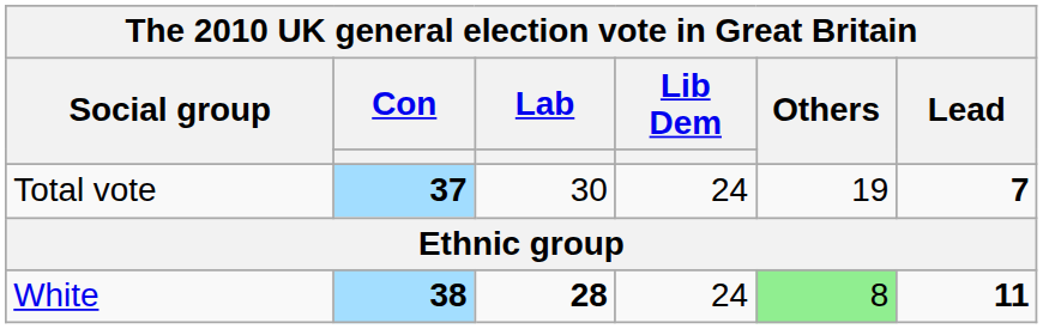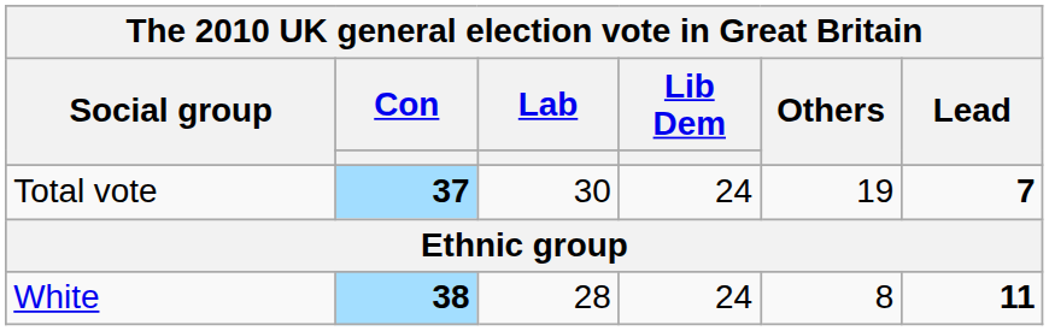 <table class=wikitable>
 <tr>
 <th colspan="10">The 2010 UK general election vote in Great Britain</th>
 </tr>
 <tr>
 <th style="width:150px;" rowspan="2">Social group</th>
 <th style="width:60px;" class="unsortable"><a href='#'>Con</a></th>
 <th style="width:60px;" class="unsortable"><a href='#'>Lab</a></th>
 <th style="width:60px;" class="unsortable"><a href='#'>Lib Dem</a></th>
 <th style="width:60px;" rowspan="2" class="unsortable">Others</th>
 <th style="width:60px;" rowspan="2" class="unsortable">Lead</th>
 </tr>
 <tr>
 <th class="unsortable" style="color:inherit;background:"></th>
 <th class="unsortable" style="color:inherit;background:"></th>
 <th class="unsortable" style="color:inherit;background:"></th>
 </tr>
 <tr>
 <td>Total vote</td>
 <td style="text-align:right; background:#A2DDFF;"><strong>37</strong></td>
 <td style="text-align:right;">30</td>
 <td style="text-align:right;">24</td>
 <td style="text-align:right;">19</td>
 <td style="text-align:right; background:"><strong>7</strong></td>
 </tr>
 <tr>
 <th colspan=9>Ethnic group</th>
 </tr>
 <tr>
 <td><a href='#'>White</a></td>
 <td style="text-align:right; background:#A3DEFF;"><strong>38</strong></td>
-<td style="text-align:right;"><strong>28</strong></td>
+<td style="text-align:right;">28</td>
 <td style="text-align:right;">24</td>
-<td style="background: lightgreen; text-align:right;">8</td>
+<td style="text-align:right;">8</td>
 <td style="text-align:right; background:"><strong>11</strong></td>
 </tr>
 </table>
